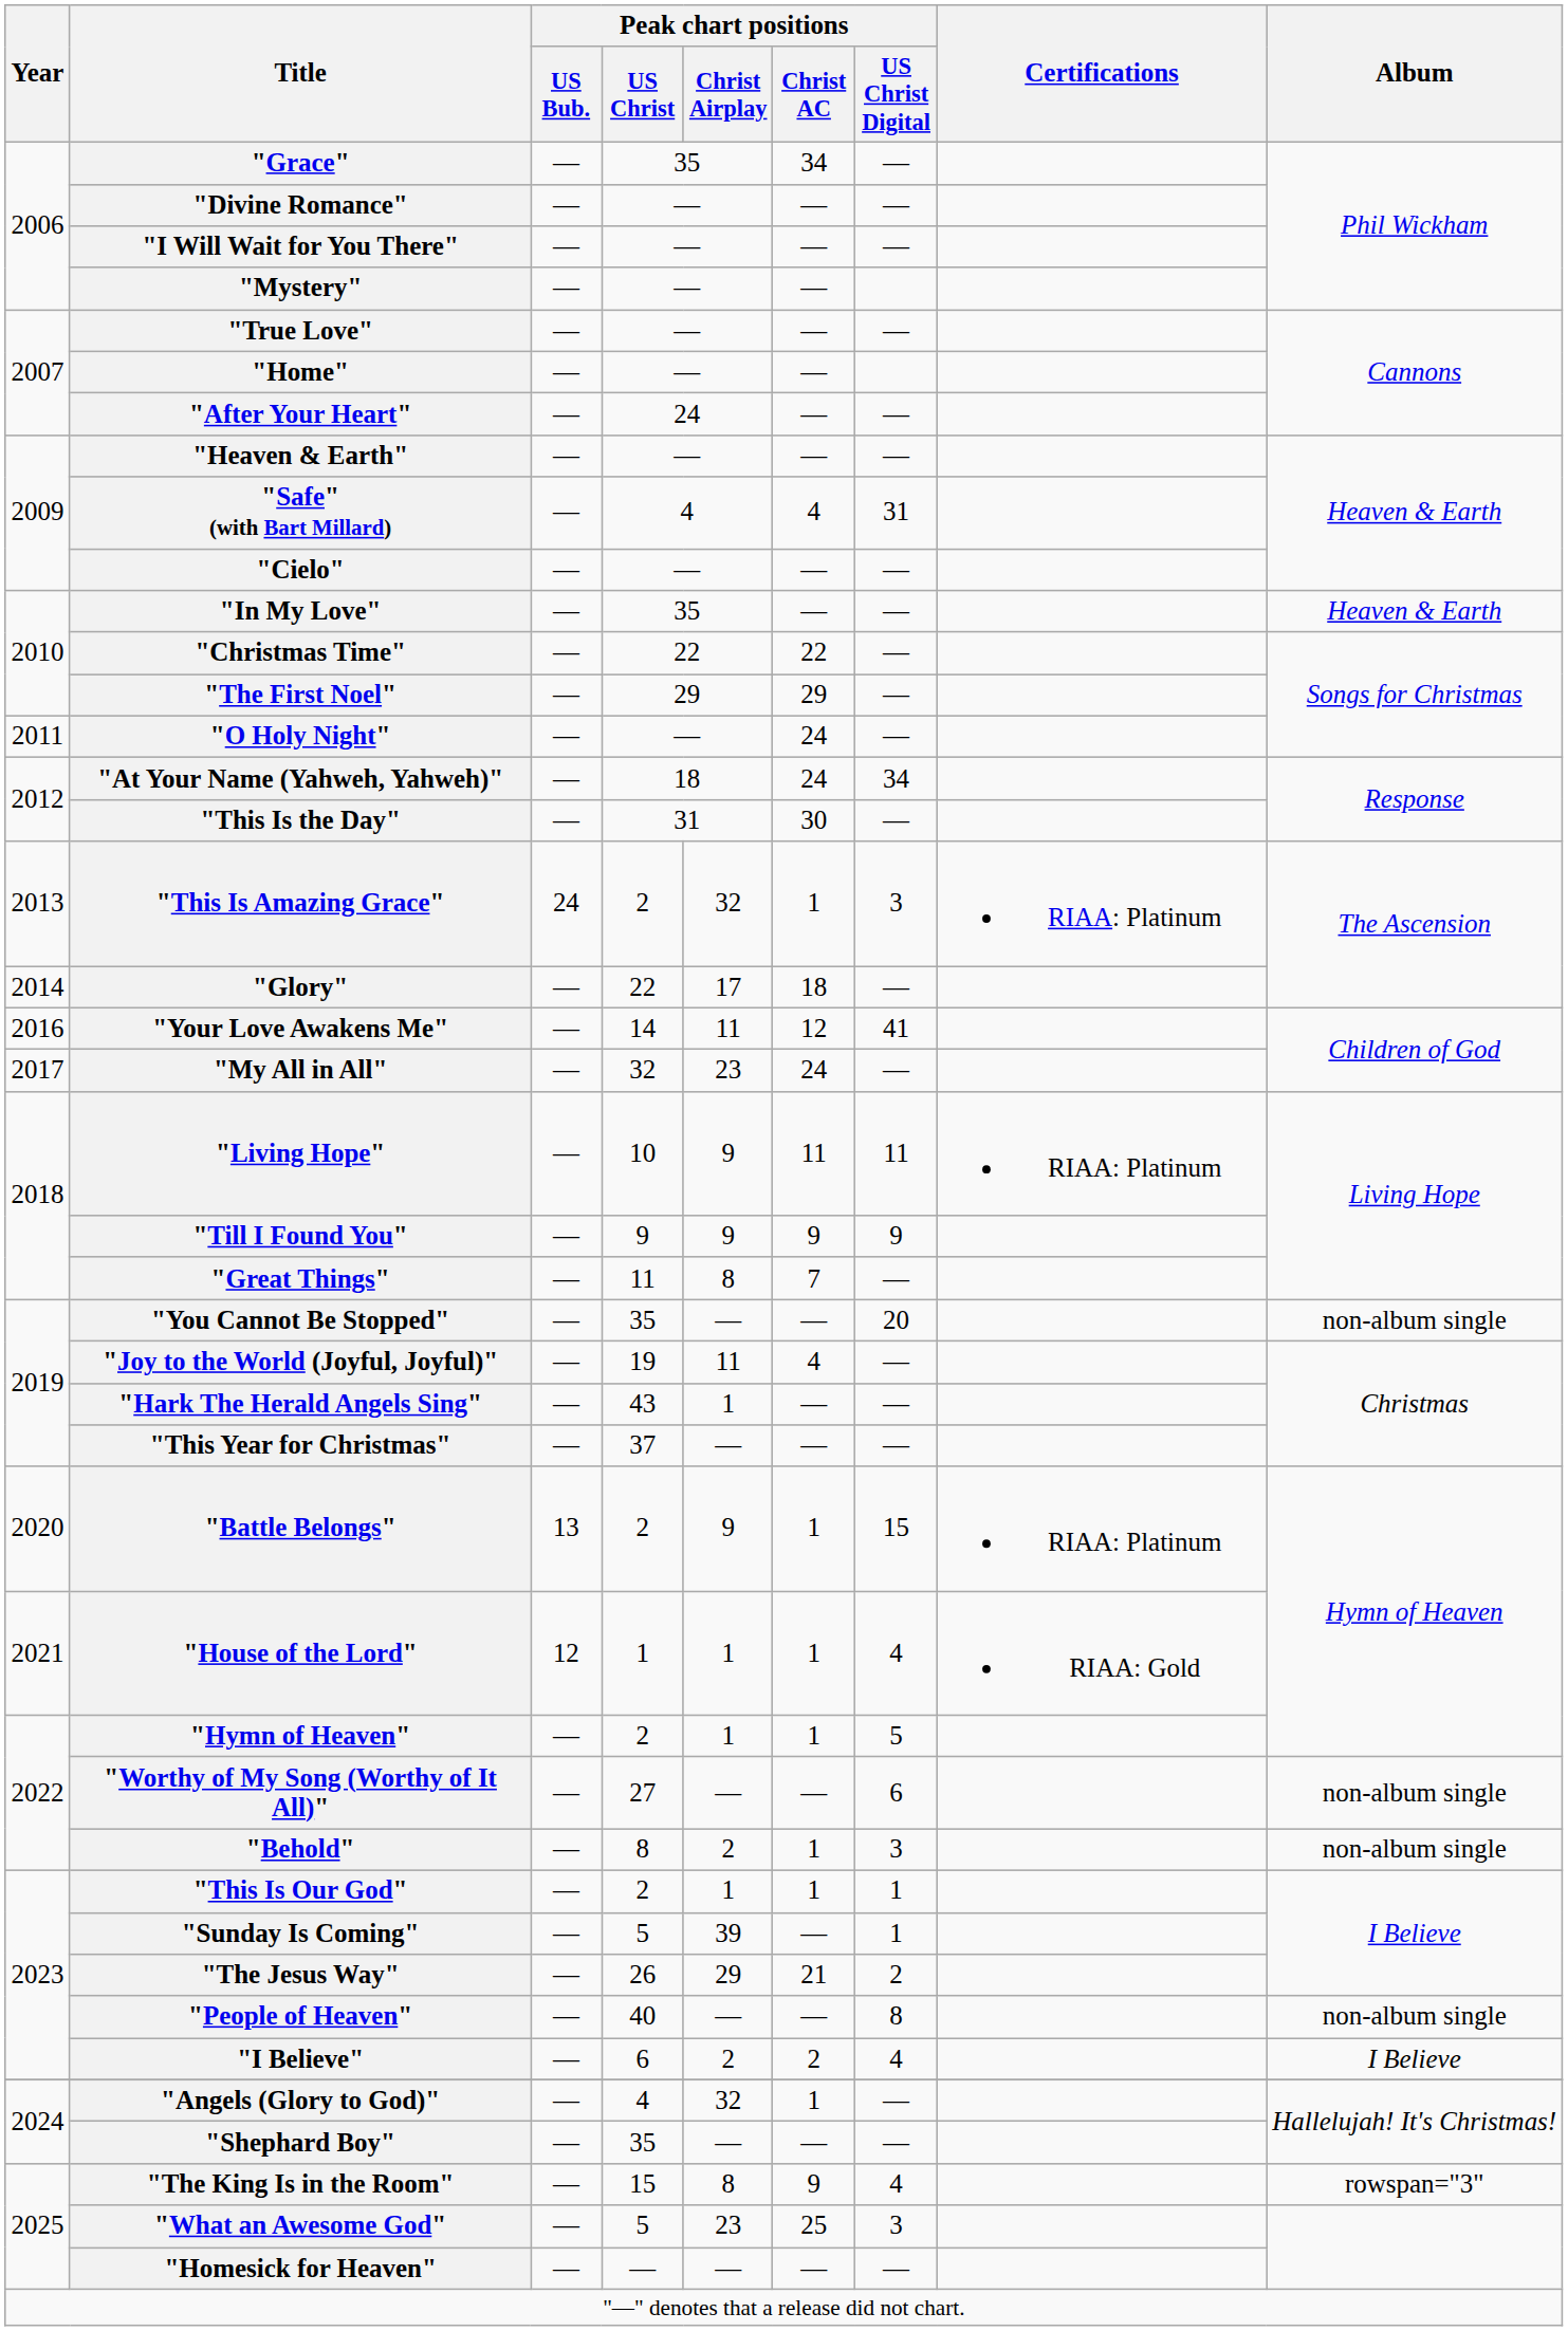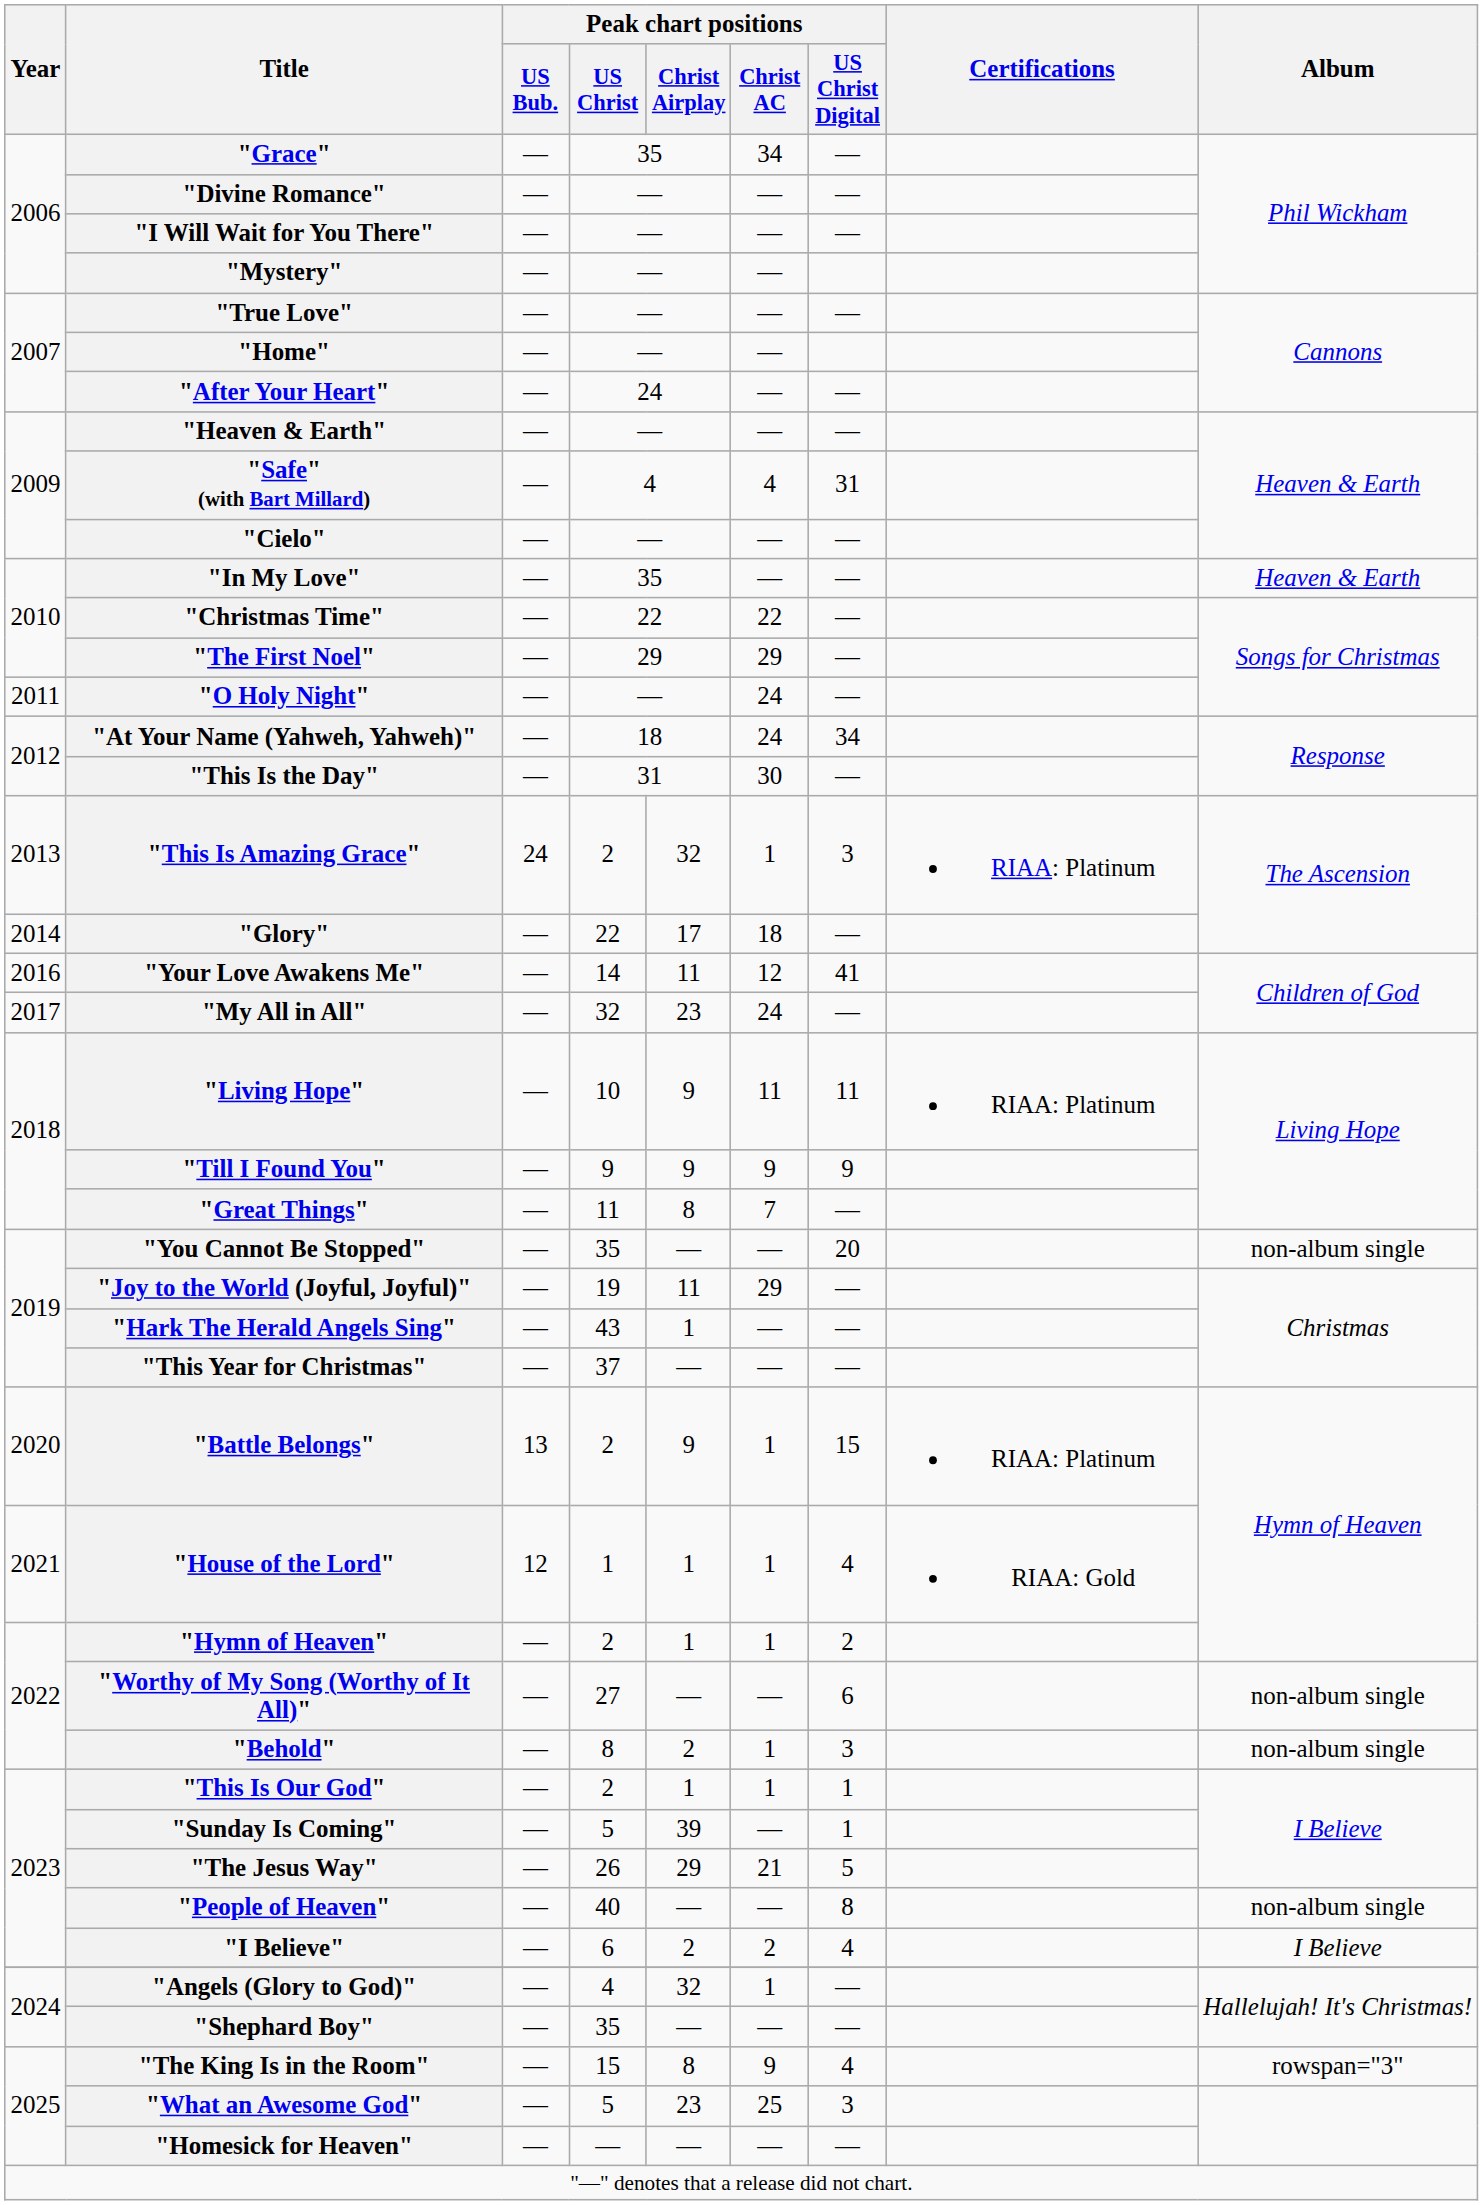 <table class="wikitable plainrowheaders" style=text-align:center;>
 <tr>
 <th scope="col" rowspan="2">Year</th>
 <th scope="col" rowspan="2" style="width:17em;">Title</th>
 <th scope="col" colspan="5">Peak chart positions</th>
 <th scope="col" rowspan="2" style="width:12em;"><a href='#'>Certifications</a></th>
 <th scope="col" rowspan="2">Album</th>
 </tr>
 <tr>
 <th scope="col" style="width:2.5em;font-size:90%;"><a href='#'>US Bub.</a><br></th>
 <th scope="col" style="width:3em;font-size:90%;"><a href='#'>US<br>Christ</a><br></th>
 <th scope="col" style="width:3em;font-size:90%;"><a href='#'>Christ<br> Airplay</a><br></th>
 <th scope="col" style="width:3em;font-size:90%;"><a href='#'>Christ<br> AC</a><br></th>
 <th scope="col" style="width:3em;font-size:90%;"><a href='#'>US<br>Christ<br>Digital</a><br></th>
 </tr>
 <tr>
 <td rowspan="4">2006</td>
 <th scope="row">"<a href='#'>Grace</a>"</th>
 <td>—</td>
 <td colspan="2">35</td>
 <td>34</td>
 <td>—</td>
 <td></td>
 <td rowspan="4"><em><a href='#'>Phil Wickham</a></em></td>
 </tr>
 <tr>
 <th scope="row">"Divine Romance"</th>
 <td>—</td>
 <td colspan="2">—</td>
 <td>—</td>
 <td>—</td>
 <td></td>
 </tr>
 <tr>
 <th scope="row">"I Will Wait for You There"</th>
 <td>—</td>
 <td colspan="2">—</td>
 <td>—</td>
 <td>—</td>
 <td></td>
 </tr>
 <tr>
 <th scope="row">"Mystery"</th>
 <td>—</td>
 <td colspan="2">—</td>
 <td>—</td>
 <td —></td>
 </tr>
 <tr>
 <td rowspan="3">2007</td>
 <th scope="row">"True Love"</th>
 <td>—</td>
 <td colspan="2">—</td>
 <td>—</td>
 <td>—</td>
 <td></td>
 <td rowspan="3"><em><a href='#'>Cannons</a></em></td>
 </tr>
 <tr>
 <th scope="row">"Home"</th>
 <td>—</td>
 <td colspan="2">—</td>
 <td>—</td>
 <td —></td>
 </tr>
 <tr>
 <th scope="row">"<a href='#'>After Your Heart</a>"</th>
 <td>—</td>
 <td colspan="2">24</td>
 <td>—</td>
 <td>—</td>
 <td></td>
 </tr>
 <tr>
 <td rowspan="3">2009</td>
 <th scope="row">"Heaven & Earth"</th>
 <td>—</td>
 <td colspan="2">—</td>
 <td>—</td>
 <td>—</td>
 <td></td>
 <td rowspan="3"><em><a href='#'>Heaven & Earth</a></em></td>
 </tr>
 <tr>
 <th scope="row">"<a href='#'>Safe</a>"<br><small>(with <a href='#'>Bart Millard</a>)</small></th>
 <td>—</td>
 <td colspan="2">4</td>
 <td>4</td>
 <td>31</td>
 <td></td>
 </tr>
 <tr>
 <th scope="row">"Cielo"</th>
 <td>—</td>
 <td colspan="2">—</td>
 <td>—</td>
 <td>—</td>
 <td></td>
 </tr>
 <tr>
 <td rowspan="3">2010</td>
 <th scope="row">"In My Love"</th>
 <td>—</td>
 <td colspan="2">35</td>
 <td>—</td>
 <td>—</td>
 <td></td>
 <td><em><a href='#'>Heaven & Earth <br></a></em></td>
 </tr>
 <tr>
 <th scope="row">"Christmas Time"</th>
 <td>—</td>
 <td colspan="2">22</td>
 <td>22</td>
 <td>—</td>
 <td></td>
 <td rowspan="3"><em><a href='#'>Songs for Christmas</a></em></td>
 </tr>
 <tr>
 <th scope="row">"<a href='#'>The First Noel</a>"</th>
 <td>—</td>
 <td colspan="2">29</td>
 <td>29</td>
 <td>—</td>
 <td></td>
 </tr>
 <tr>
 <td>2011</td>
 <th scope="row">"<a href='#'>O Holy Night</a>"</th>
 <td>—</td>
 <td colspan="2">—</td>
 <td>24</td>
 <td>—</td>
 <td></td>
 </tr>
 <tr>
 <td rowspan="2">2012</td>
 <th scope="row">"At Your Name (Yahweh, Yahweh)"</th>
 <td>—</td>
 <td colspan="2">18</td>
 <td>24</td>
 <td>34</td>
 <td></td>
 <td rowspan="2"><em><a href='#'>Response</a></em></td>
 </tr>
 <tr>
 <th scope="row">"This Is the Day"</th>
 <td>—</td>
 <td colspan="2">31</td>
 <td>30</td>
 <td>—</td>
 <td></td>
 </tr>
 <tr>
 <td>2013</td>
 <th scope="row">"<a href='#'>This Is Amazing Grace</a>"</th>
 <td>24</td>
 <td>2</td>
 <td>32</td>
 <td>1</td>
 <td>3</td>
 <td><br><ul><li><a href='#'>RIAA</a>: Platinum</li></ul></td>
 <td rowspan="2"><em><a href='#'>The Ascension</a></em></td>
 </tr>
 <tr>
 <td>2014</td>
 <th scope="row">"Glory"</th>
 <td>—</td>
 <td>22</td>
 <td>17</td>
 <td>18</td>
 <td>—</td>
 <td></td>
 </tr>
 <tr>
 <td>2016</td>
 <th scope="row">"Your Love Awakens Me"</th>
 <td>—</td>
 <td>14</td>
 <td>11</td>
 <td>12</td>
 <td>41</td>
 <td></td>
 <td rowspan="2"><em><a href='#'>Children of God</a></em></td>
 </tr>
 <tr>
 <td>2017</td>
 <th scope="row">"My All in All"</th>
 <td>—</td>
 <td>32</td>
 <td>23</td>
 <td>24</td>
 <td>—</td>
 <td></td>
 </tr>
 <tr>
 <td rowspan="3">2018</td>
 <th scope="row">"<a href='#'>Living Hope</a>"</th>
 <td>—</td>
 <td>10</td>
 <td>9</td>
 <td>11</td>
 <td>11</td>
 <td><br><ul><li>RIAA: Platinum</li></ul></td>
 <td rowspan="3"><em><a href='#'>Living Hope</a></em></td>
 </tr>
 <tr>
 <th scope="row">"<a href='#'>Till I Found You</a>"</th>
 <td>—</td>
 <td>9</td>
 <td>9</td>
 <td>9</td>
 <td>9</td>
 <td></td>
 </tr>
 <tr>
 <th scope="row">"<a href='#'>Great Things</a>"</th>
 <td>—</td>
 <td>11</td>
 <td>8</td>
 <td>7</td>
 <td>—</td>
 <td></td>
 </tr>
 <tr>
 <td rowspan="4">2019</td>
 <th scope="row">"You Cannot Be Stopped"<br></th>
 <td>—</td>
 <td>35</td>
 <td>—</td>
 <td>—</td>
 <td>20</td>
 <td></td>
 <td>non-album single</td>
 </tr>
 <tr>
 <th scope="row">"<a href='#'>Joy to the World</a> (Joyful, Joyful)"</th>
 <td>—</td>
 <td>19</td>
 <td>11</td>
-<td>4</td>
+<td>29</td>
 <td>—</td>
 <td></td>
 <td rowspan="3"><em>Christmas</em></td>
 </tr>
 <tr>
 <th scope="row">"<a href='#'>Hark The Herald Angels Sing</a>"</th>
 <td>—</td>
 <td>43</td>
 <td>1</td>
 <td>—</td>
 <td>—</td>
 <td></td>
 </tr>
 <tr>
 <th scope="row">"This Year for Christmas"</th>
 <td>—</td>
 <td>37</td>
 <td>—</td>
 <td>—</td>
 <td>—</td>
 <td></td>
 </tr>
 <tr>
 <td>2020</td>
 <th scope="row">"<a href='#'>Battle Belongs</a>"</th>
 <td>13</td>
 <td>2</td>
 <td>9</td>
 <td>1</td>
 <td>15</td>
 <td><br><ul><li>RIAA: Platinum</li></ul></td>
 <td rowspan="3"><em><a href='#'>Hymn of Heaven</a></em></td>
 </tr>
 <tr>
 <td>2021</td>
 <th scope="row">"<a href='#'>House of the Lord</a>"</th>
 <td>12</td>
 <td>1</td>
 <td>1</td>
 <td>1</td>
 <td>4</td>
 <td><br><ul><li>RIAA: Gold</li></ul></td>
 </tr>
 <tr>
 <td rowspan="3">2022</td>
 <th scope="row">"<a href='#'>Hymn of Heaven</a>"</th>
 <td>—</td>
 <td>2</td>
 <td>1</td>
 <td>1</td>
-<td>5</td>
+<td>2</td>
 <td></td>
 </tr>
 <tr>
 <th scope="row">"<a href='#'>Worthy of My Song (Worthy of It All)</a>"<br></th>
 <td>—</td>
 <td>27</td>
 <td>—</td>
 <td>—</td>
 <td>6</td>
 <td></td>
 <td>non-album single</td>
 </tr>
 <tr>
 <th scope="row">"<a href='#'>Behold</a>"<br></th>
 <td>—</td>
 <td>8</td>
 <td>2</td>
 <td>1</td>
 <td>3</td>
 <td></td>
 <td>non-album single</td>
 </tr>
 <tr>
 <td rowspan="5">2023</td>
 <th scope="row">"<a href='#'>This Is Our God</a>"</th>
 <td>—</td>
 <td>2</td>
 <td>1</td>
 <td>1</td>
 <td>1</td>
 <td></td>
 <td rowspan="3"><em><a href='#'>I Believe</a></em></td>
 </tr>
 <tr>
 <th scope="row">"Sunday Is Coming"</th>
 <td>—</td>
 <td>5</td>
 <td>39</td>
 <td>—</td>
 <td>1</td>
 <td></td>
 </tr>
 <tr>
 <th scope="row">"The Jesus Way"</th>
 <td>—</td>
 <td>26</td>
 <td>29</td>
 <td>21</td>
-<td>2</td>
+<td>5</td>
 <td></td>
 </tr>
 <tr>
 <th scope="row">"<a href='#'>People of Heaven</a>"<br></th>
 <td>—</td>
 <td>40</td>
 <td>—</td>
 <td>—</td>
 <td>8</td>
 <td></td>
 <td>non-album single</td>
 </tr>
 <tr>
 <th scope="row">"I Believe"</th>
 <td>—</td>
 <td>6</td>
 <td>2</td>
 <td>2</td>
 <td>4</td>
 <td></td>
 <td><em>I Believe</em></td>
 </tr>
 <tr>
 </tr>
 <tr>
 <td rowspan="2">2024</td>
 <th scope="row">"Angels (Glory to God)"</th>
 <td>—</td>
 <td>4</td>
 <td>32</td>
 <td>1</td>
 <td>—</td>
 <td></td>
 <td rowspan="2"><em>Hallelujah! It's Christmas!</em></td>
 </tr>
 <tr>
 <th scope="row">"Shephard Boy"</th>
 <td>—</td>
 <td>35</td>
 <td>—</td>
 <td>—</td>
 <td>—</td>
 <td></td>
 </tr>
 <tr>
 <td rowspan="3">2025</td>
 <th scope="row">"The King Is in the Room"</th>
 <td>—</td>
 <td>15</td>
 <td>8</td>
 <td>9</td>
 <td>4</td>
 <td></td>
 <td>rowspan="3" </td>
 </tr>
 <tr>
 <th scope="row">"<a href='#'>What an Awesome God</a>"<br></th>
 <td>—</td>
 <td>5</td>
 <td>23</td>
 <td>25</td>
 <td>3</td>
 <td></td>
 </tr>
 <tr>
 <th scope="row">"Homesick for Heaven"</th>
 <td>—</td>
 <td>—</td>
 <td>—</td>
 <td>—</td>
 <td>—</td>
 <td></td>
 </tr>
 <tr>
 <td colspan="9" style="font-size:85%">"—" denotes that a release did not chart.</td>
 </tr>
 </table>
